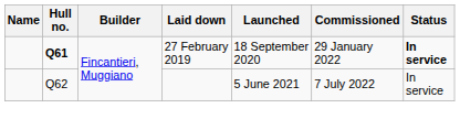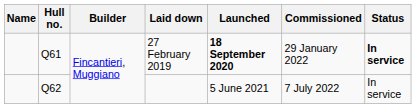 <table class="sortable wikitable">
 <tr>
 <th>Name</th>
 <th>Hull no.</th>
 <th>Builder</th>
 <th>Laid down</th>
 <th>Launched</th>
 <th>Commissioned</th>
 <th>Status</th>
 </tr>
 <tr>
 <td></td>
-<td><strong>Q61</strong></td>
+<td>Q61</td>
 <td rowspan="2"><a href='#'>Fincantieri</a>, <a href='#'>Muggiano</a></td>
 <td>27 February 2019</td>
-<td>18 September 2020</td>
+<td><strong>18 September 2020</strong></td>
 <td>29 January 2022</td>
 <td><strong>In service</strong></td>
 </tr>
 <tr>
 <td></td>
 <td>Q62</td>
 <td></td>
 <td>5 June 2021</td>
 <td>7 July 2022</td>
 <td>In service</td>
 </tr>
 </table>
